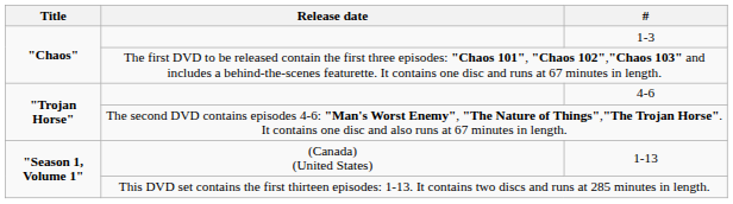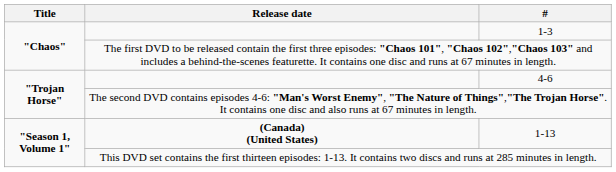 <table class="wikitable" style="text-align:center;">
 <tr>
 <th>Title</th>
 <th>Release date</th>
 <th>#</th>
 </tr>
 <tr>
 <td rowspan="2"><strong>"Chaos"</strong></td>
 <td></td>
 <td style="text-align:center;">1-3</td>
 </tr>
 <tr>
 <td colspan="4">The first DVD to be released contain the first three episodes: <strong>"Chaos 101"</strong>, <strong>"Chaos 102"</strong>,<strong>"Chaos 103"</strong> and includes a behind-the-scenes featurette. It contains one disc and runs at 67 minutes in length.</td>
 </tr>
 <tr>
 <td rowspan="2"><strong>"Trojan Horse"</strong></td>
 <td></td>
 <td style="text-align:center;">4-6</td>
 </tr>
 <tr>
 <td colspan="4">The second DVD contains episodes 4-6: <strong>"Man's Worst Enemy"</strong>, <strong>"The Nature of Things"</strong>,<strong>"The Trojan Horse"</strong>. It contains one disc and also runs at 67 minutes in length.</td>
 </tr>
 <tr>
 <td rowspan="2"><strong>"Season 1, Volume 1"</strong></td>
-<td> (Canada)<br> (United States)</td>
+<td><strong> (Canada)<br> (United States)</strong></td>
 <td style="text-align:center;">1-13</td>
 </tr>
 <tr>
 <td colspan="4">This DVD set contains the first thirteen episodes: 1-13. It contains two discs and runs at 285 minutes in length.</td>
 </tr>
 </table>
